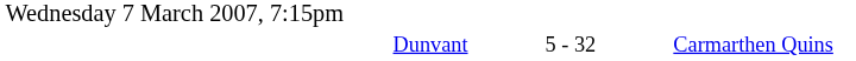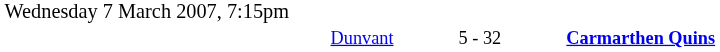 <table style="width:70%;" cellspacing="1">
 <tr>
 <th width=35%></th>
 <th width=15%></th>
 <th></th>
 </tr>
 <tr>
 <td>Wednesday 7 March 2007, 7:15pm</td>
 </tr>
 <tr style=font-size:90%>
 <td align=right><a href='#'>Dunvant</a></td>
 <td align=center>5 - 32</td>
-<td><a href='#'>Carmarthen Quins</a></td>
+<td><strong><a href='#'>Carmarthen Quins</a></strong></td>
 </tr>
 </table>
